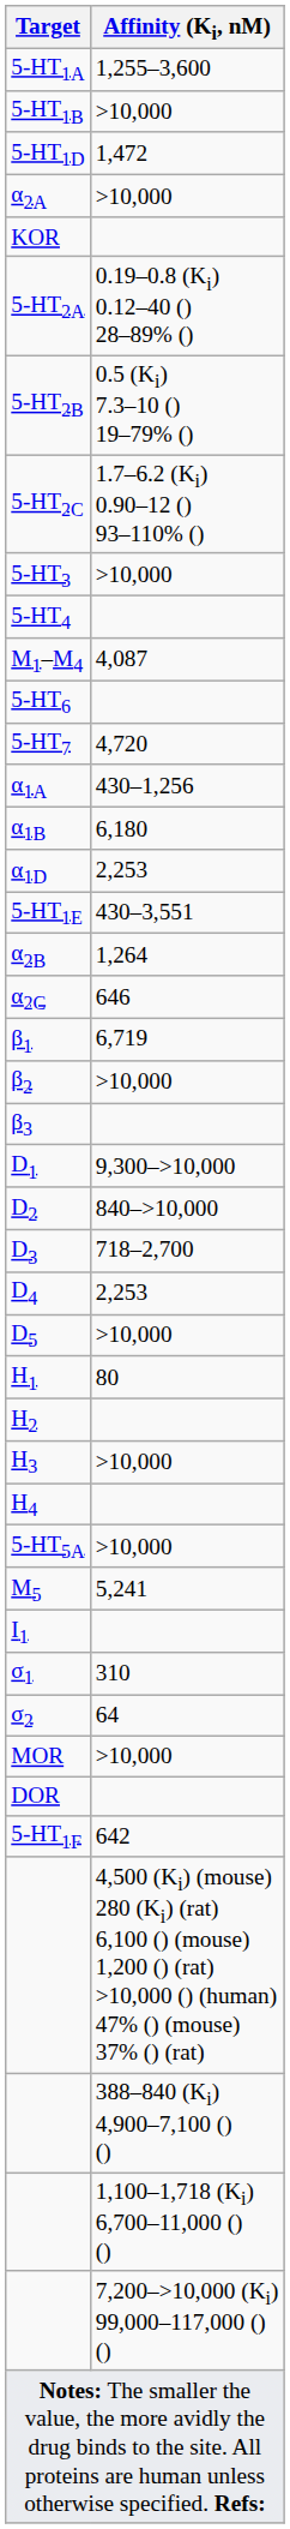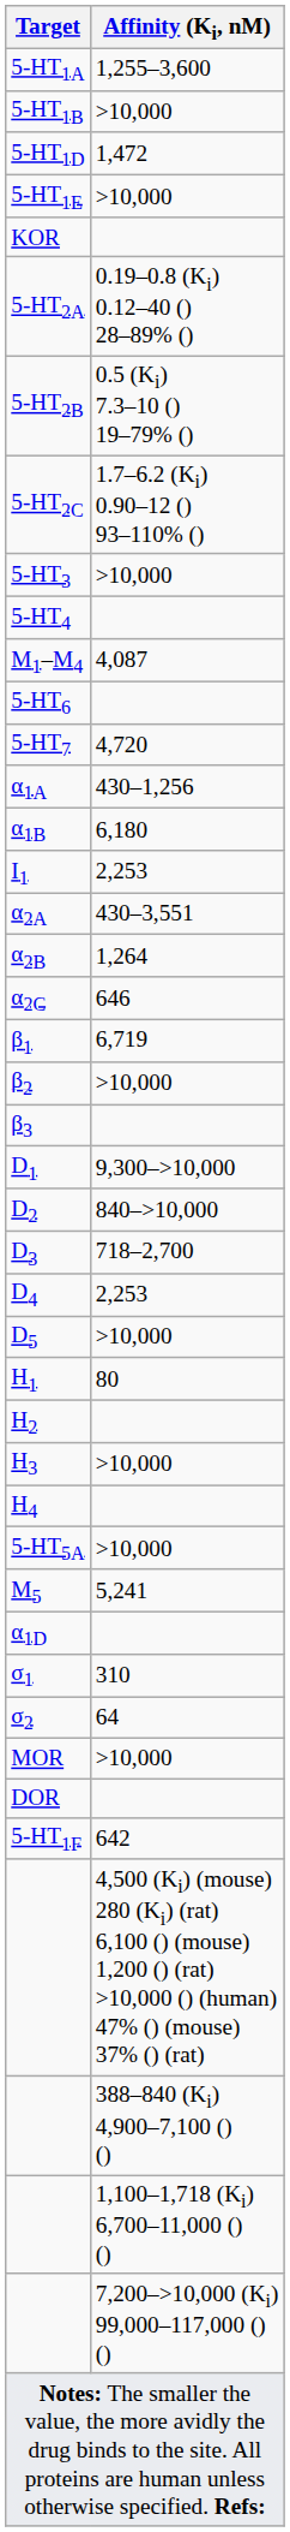 <table class="wikitable floatright" style="font-size:small;">
 <tr>
 <th><a href='#'>Target</a></th>
 <th><a href='#'>Affinity</a> (K<sub>i</sub>, nM)</th>
 </tr>
 <tr>
 <td><a href='#'>5-HT<sub>1A</sub></a></td>
 <td>1,255–3,600</td>
 </tr>
 <tr>
 <td><a href='#'>5-HT<sub>1B</sub></a></td>
 <td>>10,000</td>
 </tr>
 <tr>
 <td><a href='#'>5-HT<sub>1D</sub></a></td>
 <td>1,472</td>
 </tr>
 <tr>
-<td><a href='#'>α<sub>2A</sub></a></td>
+<td><a href='#'>5-HT<sub>1E</sub></a></td>
 <td>>10,000</td>
 </tr>
 <tr>
 <td><a href='#'>KOR</a></td>
 <td></td>
 </tr>
 <tr>
 <td><a href='#'>5-HT<sub>2A</sub></a></td>
 <td>0.19–0.8 (K<sub>i</sub>)<br>0.12–40 ()<br>28–89% ()</td>
 </tr>
 <tr>
 <td><a href='#'>5-HT<sub>2B</sub></a></td>
 <td>0.5 (K<sub>i</sub>)<br>7.3–10 ()<br>19–79% ()</td>
 </tr>
 <tr>
 <td><a href='#'>5-HT<sub>2C</sub></a></td>
 <td>1.7–6.2 (K<sub>i</sub>)<br>0.90–12 ()<br>93–110% ()</td>
 </tr>
 <tr>
 <td><a href='#'>5-HT<sub>3</sub></a></td>
 <td>>10,000</td>
 </tr>
 <tr>
 <td><a href='#'>5-HT<sub>4</sub></a></td>
 <td></td>
 </tr>
 <tr>
 <td><a href='#'>M<sub>1</sub></a>–<a href='#'>M<sub>4</sub></a></td>
 <td>4,087</td>
 </tr>
 <tr>
 <td><a href='#'>5-HT<sub>6</sub></a></td>
 <td></td>
 </tr>
 <tr>
 <td><a href='#'>5-HT<sub>7</sub></a></td>
 <td>4,720</td>
 </tr>
 <tr>
 <td><a href='#'>α<sub>1A</sub></a></td>
 <td>430–1,256</td>
 </tr>
 <tr>
 <td><a href='#'>α<sub>1B</sub></a></td>
 <td>6,180</td>
 </tr>
 <tr>
-<td><a href='#'>α<sub>1D</sub></a></td>
+<td><a href='#'>I<sub>1</sub></a></td>
 <td>2,253</td>
 </tr>
 <tr>
-<td><a href='#'>5-HT<sub>1E</sub></a></td>
+<td><a href='#'>α<sub>2A</sub></a></td>
 <td>430–3,551</td>
 </tr>
 <tr>
 <td><a href='#'>α<sub>2B</sub></a></td>
 <td>1,264</td>
 </tr>
 <tr>
 <td><a href='#'>α<sub>2C</sub></a></td>
 <td>646</td>
 </tr>
 <tr>
 <td><a href='#'>β<sub>1</sub></a></td>
 <td>6,719</td>
 </tr>
 <tr>
 <td><a href='#'>β<sub>2</sub></a></td>
 <td>>10,000</td>
 </tr>
 <tr>
 <td><a href='#'>β<sub>3</sub></a></td>
 <td></td>
 </tr>
 <tr>
 <td><a href='#'>D<sub>1</sub></a></td>
 <td>9,300–>10,000</td>
 </tr>
 <tr>
 <td><a href='#'>D<sub>2</sub></a></td>
 <td>840–>10,000</td>
 </tr>
 <tr>
 <td><a href='#'>D<sub>3</sub></a></td>
 <td>718–2,700</td>
 </tr>
 <tr>
 <td><a href='#'>D<sub>4</sub></a></td>
 <td>2,253</td>
 </tr>
 <tr>
 <td><a href='#'>D<sub>5</sub></a></td>
 <td>>10,000</td>
 </tr>
 <tr>
 <td><a href='#'>H<sub>1</sub></a></td>
 <td>80</td>
 </tr>
 <tr>
 <td><a href='#'>H<sub>2</sub></a></td>
 <td></td>
 </tr>
 <tr>
 <td><a href='#'>H<sub>3</sub></a></td>
 <td>>10,000</td>
 </tr>
 <tr>
 <td><a href='#'>H<sub>4</sub></a></td>
 <td></td>
 </tr>
 <tr>
 <td><a href='#'>5-HT<sub>5A</sub></a></td>
 <td>>10,000</td>
 </tr>
 <tr>
 <td><a href='#'>M<sub>5</sub></a></td>
 <td>5,241</td>
 </tr>
 <tr>
-<td><a href='#'>I<sub>1</sub></a></td>
+<td><a href='#'>α<sub>1D</sub></a></td>
 <td></td>
 </tr>
 <tr>
 <td><a href='#'>σ<sub>1</sub></a></td>
 <td>310</td>
 </tr>
 <tr>
 <td><a href='#'>σ<sub>2</sub></a></td>
 <td>64</td>
 </tr>
 <tr>
 <td><a href='#'>MOR</a></td>
 <td>>10,000</td>
 </tr>
 <tr>
 <td><a href='#'>DOR</a></td>
 <td></td>
 </tr>
 <tr>
 <td><a href='#'>5-HT<sub>1F</sub></a></td>
 <td>642</td>
 </tr>
 <tr>
 <td></td>
 <td>4,500 (K<sub>i</sub>) (mouse)<br>280 (K<sub>i</sub>) (rat)<br>6,100 () (mouse)<br>1,200 () (rat)<br>>10,000 () (human)<br>47% () (mouse)<br>37% () (rat)</td>
 </tr>
 <tr>
 <td></td>
 <td>388–840 (K<sub>i</sub>)<br>4,900–7,100 ()<br> ()</td>
 </tr>
 <tr>
 <td></td>
 <td>1,100–1,718 (K<sub>i</sub>)<br>6,700–11,000 ()<br> ()</td>
 </tr>
 <tr>
 <td></td>
 <td>7,200–>10,000 (K<sub>i</sub>)<br>99,000–117,000 ()<br> ()</td>
 </tr>
 <tr class="sortbottom">
 <td colspan="2" style="width: 1px; background-color:#eaecf0; text-align: center;"><strong>Notes:</strong> The smaller the value, the more avidly the drug binds to the site. All proteins are human unless otherwise specified. <strong>Refs:</strong> </td>
 </tr>
 </table>
